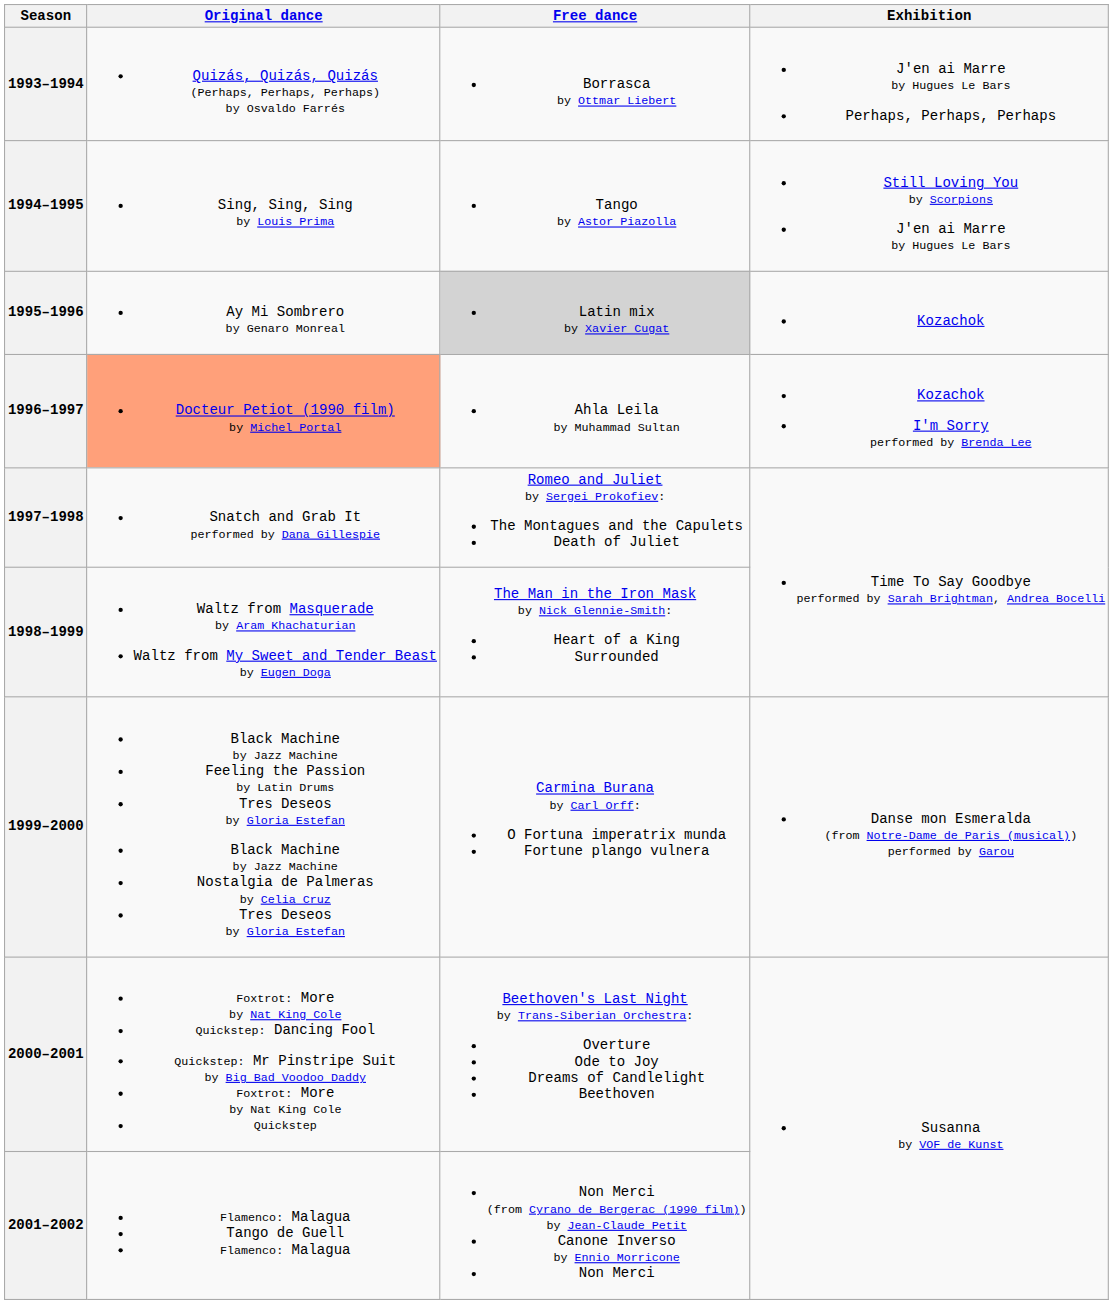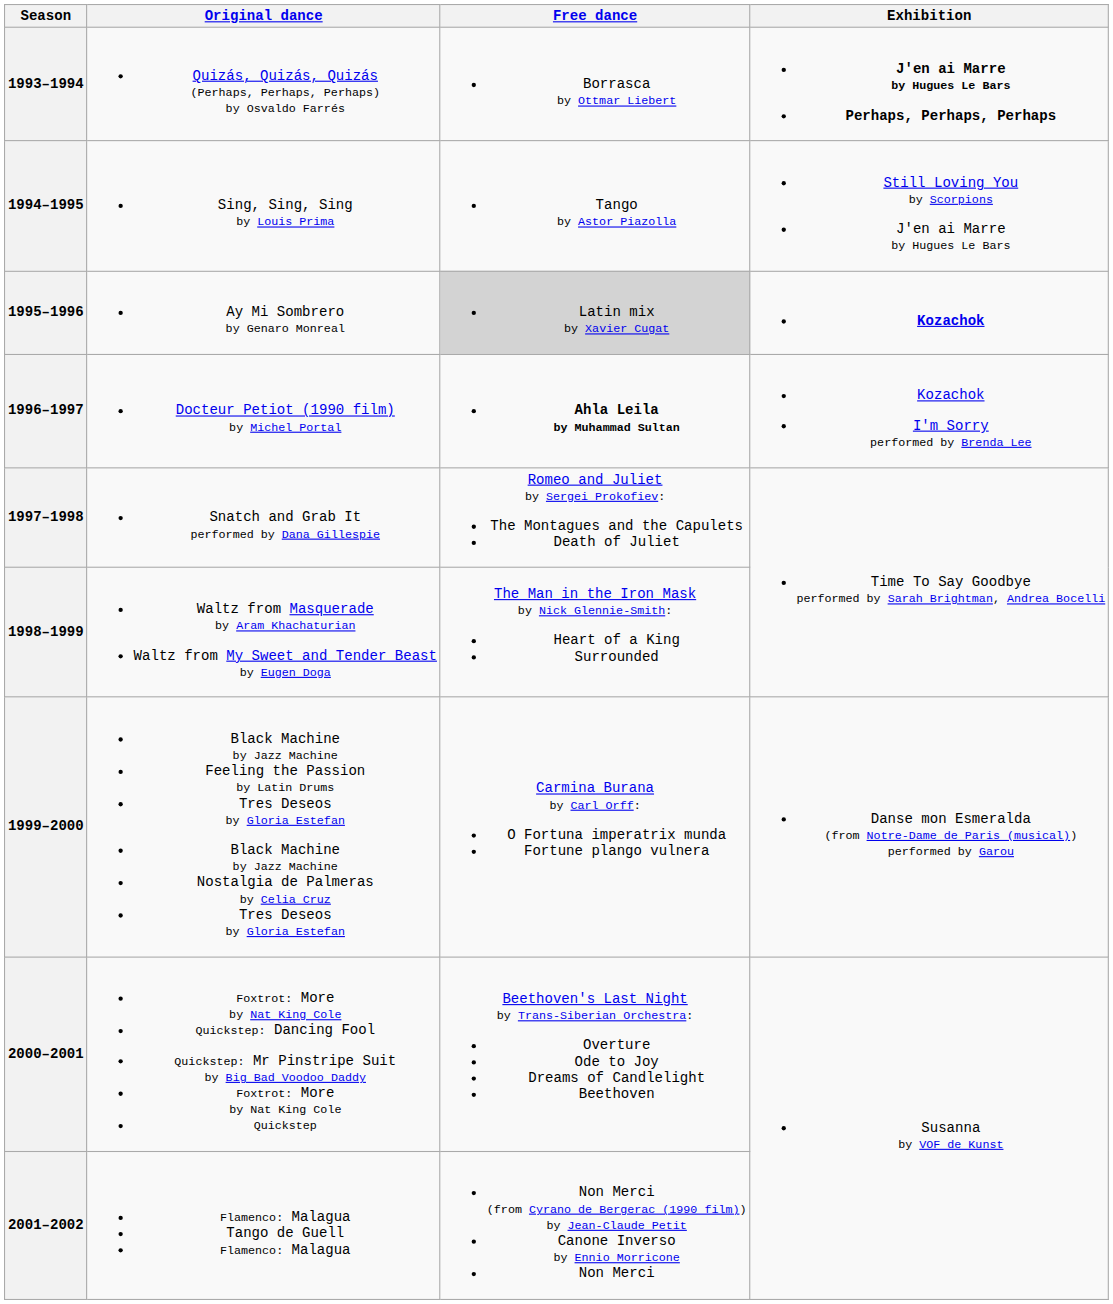 <table class="wikitable" style="text-align:center">
 <tr>
 <th>Season</th>
 <th><a href='#'>Original dance</a></th>
 <th><a href='#'>Free dance</a></th>
 <th>Exhibition</th>
 </tr>
 <tr>
 <th>1993–1994 <br> </th>
 <td><br><ul><li><a href='#'>Quizás, Quizás, Quizás</a> <br><small> (Perhaps, Perhaps, Perhaps) <br> by Osvaldo Farrés </small></li></ul></td>
 <td><br><ul><li>Borrasca <br><small> by <a href='#'>Ottmar Liebert</a> </small></li></ul></td>
-<td><br><ul><li>J'en ai Marre <br><small> by Hugues Le Bars </small></li></ul><ul><li>Perhaps, Perhaps, Perhaps</li></ul></td>
+<td><strong><br><ul><li>J'en ai Marre <br><small> by Hugues Le Bars </small></li></ul><ul><li>Perhaps, Perhaps, Perhaps</li></ul></strong></td>
 </tr>
 <tr>
 <th>1994–1995 <br> </th>
 <td><br><ul><li>Sing, Sing, Sing <br><small> by <a href='#'>Louis Prima</a> </small></li></ul></td>
 <td><br><ul><li>Tango <br><small> by <a href='#'>Astor Piazolla</a> </small></li></ul></td>
 <td><br><ul><li><a href='#'>Still Loving You</a> <br><small> by <a href='#'>Scorpions</a> </small></li></ul><ul><li>J'en ai Marre <br><small> by Hugues Le Bars </small></li></ul></td>
 </tr>
 <tr>
 <th>1995–1996 <br> </th>
 <td><br><ul><li>Ay Mi Sombrero <br><small> by Genaro Monreal </small></li></ul></td>
 <td style="background: lightgrey;"><br><ul><li>Latin mix <br><small> by <a href='#'>Xavier Cugat</a> </small></li></ul></td>
-<td><br><ul><li><a href='#'>Kozachok</a></li></ul></td>
+<td><strong><br><ul><li><a href='#'>Kozachok</a></li></ul></strong></td>
 </tr>
 <tr>
 <th>1996–1997 <br> </th>
-<td style="background: lightsalmon;"><br><ul><li><a href='#'>Docteur Petiot (1990 film)</a> <br><small> by <a href='#'>Michel Portal</a> </small></li></ul></td>
-<td><br><ul><li>Ahla Leila <br><small> by Muhammad Sultan </small></li></ul></td>
+<td><br><ul><li><a href='#'>Docteur Petiot (1990 film)</a> <br><small> by <a href='#'>Michel Portal</a> </small></li></ul></td>
+<td><strong><br><ul><li>Ahla Leila <br><small> by Muhammad Sultan </small></li></ul></strong></td>
 <td><br><ul><li><a href='#'>Kozachok</a></li></ul><ul><li><a href='#'>I'm Sorry</a> <br><small> performed by <a href='#'>Brenda Lee</a> </small></li></ul></td>
 </tr>
 <tr>
 <th>1997–1998 <br> </th>
 <td><br><ul><li>Snatch and Grab It <br> <small> performed by <a href='#'>Dana Gillespie</a> </small></li></ul></td>
 <td><a href='#'>Romeo and Juliet</a> <br><small> by <a href='#'>Sergei Prokofiev</a>: </small><br><ul><li>The Montagues and the Capulets</li><li>Death of Juliet</li></ul></td>
 <td rowspan=2><br><ul><li>Time To Say Goodbye <br><small> performed by <a href='#'>Sarah Brightman</a>, <a href='#'>Andrea Bocelli</a> </small></li></ul></td>
 </tr>
 <tr>
 <th>1998–1999 <br> </th>
 <td><br><ul><li>Waltz from <a href='#'>Masquerade</a> <br><small> by <a href='#'>Aram Khachaturian</a> </small></li></ul><ul><li>Waltz from <a href='#'>My Sweet and Tender Beast</a> <br><small> by <a href='#'>Eugen Doga</a> </small></li></ul></td>
 <td><a href='#'>The Man in the Iron Mask</a> <br><small> by <a href='#'>Nick Glennie-Smith</a>: </small><br><ul><li>Heart of a King</li><li>Surrounded</li></ul></td>
 </tr>
 <tr>
 <th>1999–2000 <br> </th>
 <td><br><ul><li>Black Machine <br><small> by Jazz Machine </small></li><li>Feeling the Passion <br><small> by Latin Drums </small></li><li>Tres Deseos <br><small> by <a href='#'>Gloria Estefan</a> </small></li></ul><ul><li>Black Machine <br><small> by Jazz Machine </small></li><li>Nostalgia de Palmeras <br><small> by <a href='#'>Celia Cruz</a> </small></li><li>Tres Deseos <br><small> by <a href='#'>Gloria Estefan</a> </small></li></ul></td>
 <td><a href='#'>Carmina Burana</a> <br><small> by <a href='#'>Carl Orff</a>: </small><br><ul><li>O Fortuna imperatrix munda</li><li>Fortune plango vulnera</li></ul></td>
 <td><br><ul><li>Danse mon Esmeralda <br><small> (from <a href='#'>Notre-Dame de Paris (musical)</a>) <br> performed by <a href='#'>Garou</a> </small></li></ul></td>
 </tr>
 <tr>
 <th>2000–2001 <br> </th>
 <td><br><ul><li><small>Foxtrot:</small> More <br><small> by <a href='#'>Nat King Cole</a> </small></li><li><small>Quickstep:</small> Dancing Fool</li></ul><ul><li><small>Quickstep:</small> Mr Pinstripe Suit <br><small> by <a href='#'>Big Bad Voodoo Daddy</a> </small></li><li><small>Foxtrot:</small> More <br><small> by Nat King Cole </small></li><li><small>Quickstep</small></li></ul></td>
 <td><a href='#'>Beethoven's Last Night</a> <br><small> by <a href='#'>Trans-Siberian Orchestra</a>: </small><br><ul><li>Overture</li><li>Ode to Joy</li><li>Dreams of Candlelight</li><li>Beethoven</li></ul></td>
 <td rowspan=2><br><ul><li>Susanna <br><small> by <a href='#'>VOF de Kunst</a> </small></li></ul></td>
 </tr>
 <tr>
 <th>2001–2002 <br> </th>
 <td><br><ul><li><small>Flamenco:</small> Malagua</li><li>Tango de Guell</li><li><small>Flamenco:</small> Malagua</li></ul></td>
 <td><br><ul><li>Non Merci <br><small> (from <a href='#'>Cyrano de Bergerac (1990 film)</a>) <br> by <a href='#'>Jean-Claude Petit</a> </small></li><li>Canone Inverso <br><small> by <a href='#'>Ennio Morricone</a> </small></li><li>Non Merci</li></ul></td>
 </tr>
 </table>
